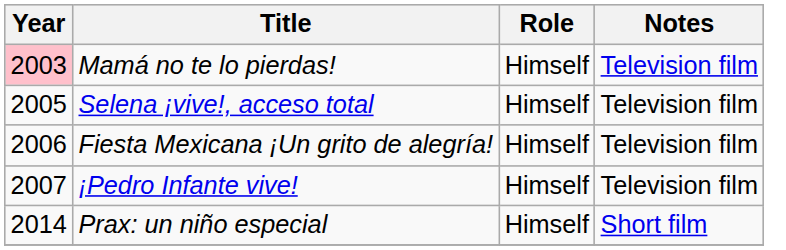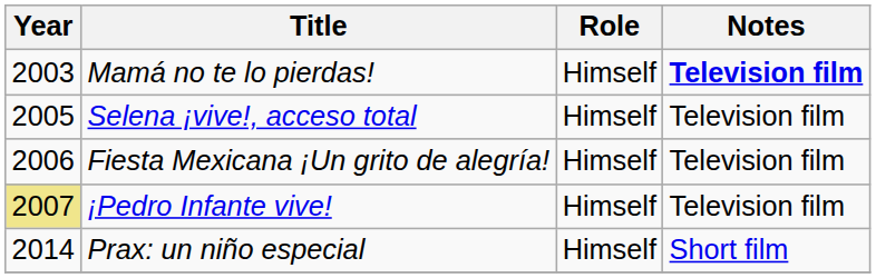 <table class="wikitable sortable">
 <tr>
 <th>Year</th>
 <th>Title</th>
 <th>Role</th>
 <th>Notes</th>
 </tr>
 <tr>
-<td style="background: pink;">2003</td>
+<td>2003</td>
 <td><em>Mamá no te lo pierdas!</em></td>
 <td>Himself</td>
-<td><a href='#'>Television film</a></td>
+<td><strong><a href='#'>Television film</a></strong></td>
 </tr>
 <tr>
 <td>2005</td>
 <td><em><a href='#'>Selena ¡vive!, acceso total</a></em></td>
 <td>Himself</td>
 <td>Television film</td>
 </tr>
 <tr>
 <td>2006</td>
 <td><em>Fiesta Mexicana ¡Un grito de alegría!</em></td>
 <td>Himself</td>
 <td>Television film</td>
 </tr>
 <tr>
-<td>2007</td>
+<td style="background: khaki;">2007</td>
 <td><em><a href='#'>¡Pedro Infante vive!</a></em></td>
 <td>Himself</td>
 <td>Television film</td>
 </tr>
 <tr>
 <td>2014</td>
 <td><em>Prax: un niño especial</em></td>
 <td>Himself</td>
 <td><a href='#'>Short film</a></td>
 </tr>
 <tr>
 </tr>
 </table>
